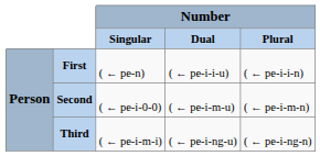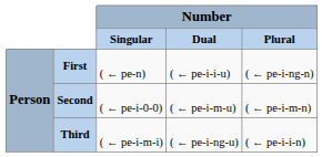 <table border="1" cellpadding="4" cellspacing="0" align="center" style="margin: 0 0 1em 1em; background: #f9f9f9; border: 1px gray solid; border-collapse: collapse; font-size: 95%; vertical-align: center;">
 <tr>
 <td colspan=2 rowspan=2 style="background:white;border-top:2px white solid;border-right:1px solid gray;border-bottom:1px solid gray;border-left:2px white solid;"></td>
 <th colspan=3 style="background:#9FB6CD;"><big>Number</big></th>
 </tr>
 <tr>
 <th style="background:#B9D3EE">Singular</th>
 <th style="background:#B9D3EE">Dual</th>
 <th style="background:#B9D3EE">Plural</th>
 </tr>
 <tr>
 <th rowspan=3 style="background:#9FB6CD"><big>Person</big></th>
 <th style="background:#B9D3EE">First</th>
 <td><strong></strong><br>( ← pe-n)</td>
 <td><strong></strong><br>( ← pe-i-i-u)</td>
-<td><strong></strong><br>( ← pe-i-i-n)</td>
+<td><strong></strong><br>( ← pe-i-ng-n)</td>
 </tr>
 <tr>
 <th style="background:#B9D3EE">Second</th>
 <td><strong></strong><br>( ← pe-i-0-0)</td>
 <td><strong></strong><br>( ← pe-i-m-u)</td>
 <td><strong></strong><br>( ← pe-i-m-n)</td>
 </tr>
 <tr>
 <th style="background:#B9D3EE">Third</th>
 <td><strong></strong><br>( ← pe-i-m-i)</td>
 <td><strong></strong><br>( ← pe-i-ng-u)</td>
-<td><strong></strong><br>( ← pe-i-ng-n)</td>
+<td><strong></strong><br>( ← pe-i-i-n)</td>
 </tr>
 </table>
